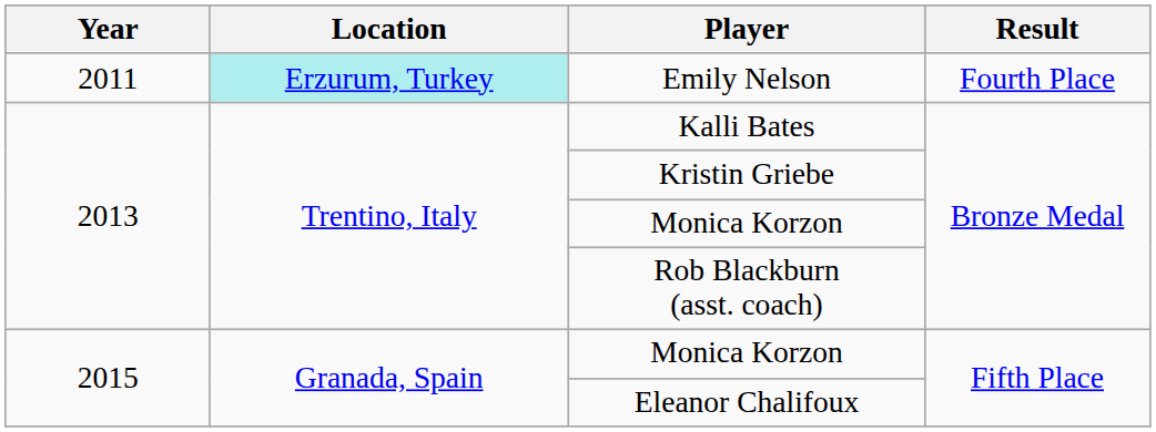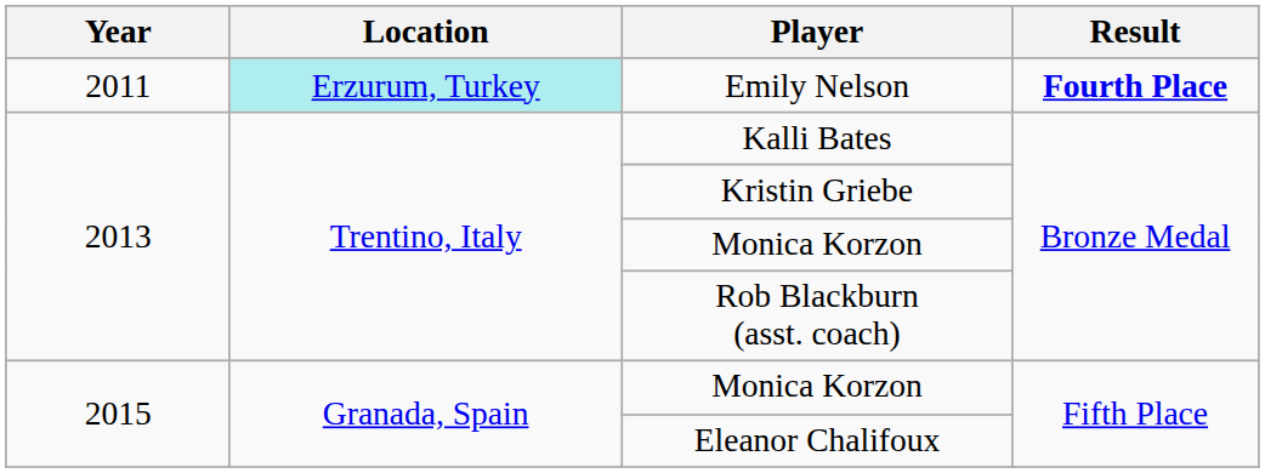 <table class="wikitable" style="text-align: center;">
 <tr>
 <th scope="col" width="100px">Year</th>
 <th scope="col" width="180px">Location</th>
 <th scope="col" width="180px">Player</th>
 <th scope="col" width="110px">Result</th>
 </tr>
 <tr>
 <td rowspan="1">2011</td>
 <td rowspan="1" style="background: paleturquoise;"> <a href='#'>Erzurum, Turkey</a></td>
 <td> Emily Nelson</td>
-<td rowspan="1"><a href='#'>Fourth Place</a></td>
+<td rowspan="1"><strong><a href='#'>Fourth Place</a></strong></td>
 </tr>
 <tr>
 <td rowspan="4">2013</td>
 <td rowspan="4"> <a href='#'>Trentino, Italy</a></td>
 <td> Kalli Bates</td>
 <td rowspan="4"><a href='#'>Bronze Medal</a></td>
 </tr>
 <tr>
 <td> Kristin Griebe</td>
 </tr>
 <tr>
 <td> Monica Korzon</td>
 </tr>
 <tr>
 <td> Rob Blackburn<br>(asst. coach)</td>
 </tr>
 <tr>
 <td rowspan="8">2015</td>
 <td rowspan="8"> <a href='#'>Granada, Spain</a></td>
 <td> Monica Korzon</td>
 <td rowspan="8"><a href='#'>Fifth Place</a></td>
 </tr>
 <tr>
 <td> Eleanor Chalifoux</td>
 </tr>
 </table>
